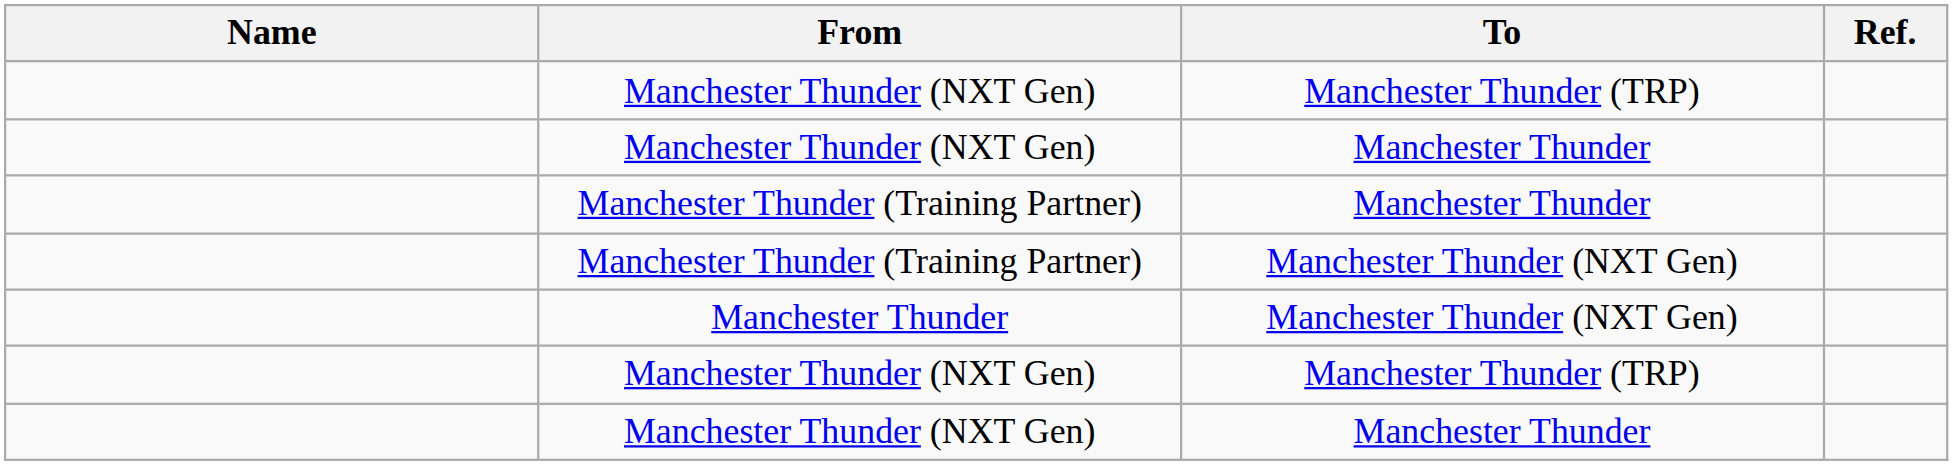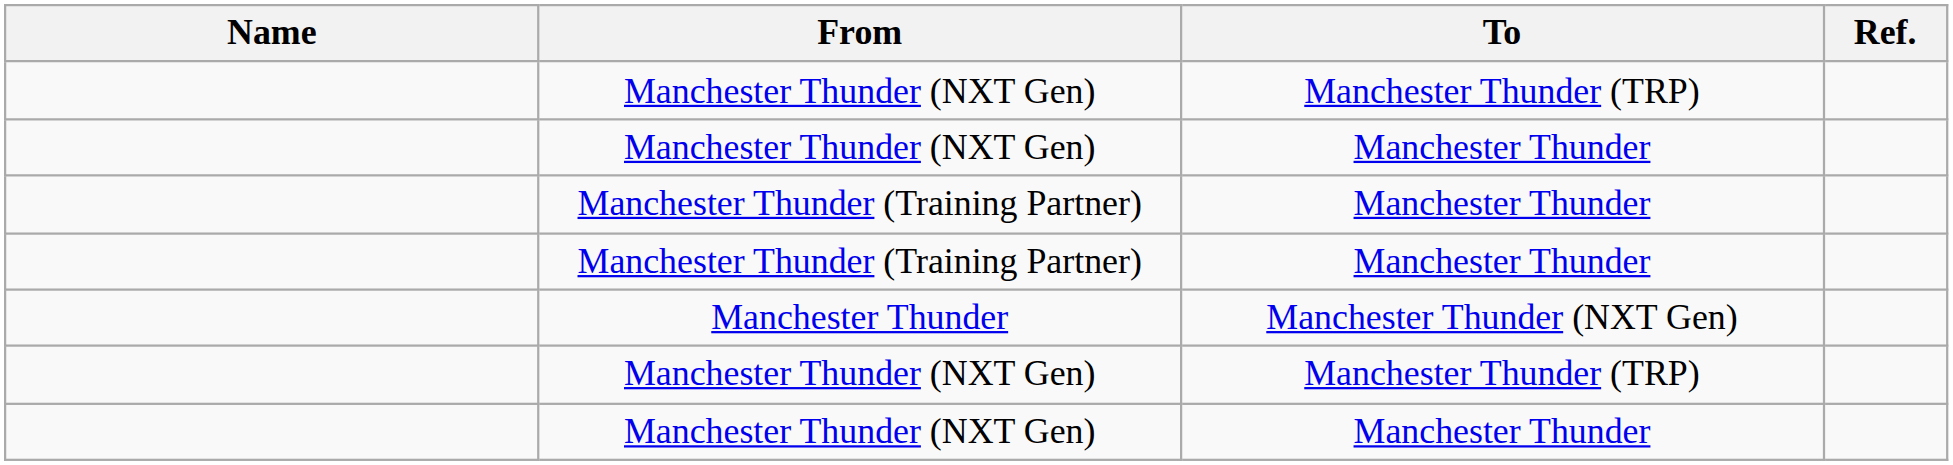 <table class="wikitable sortable alternance" style="text-align:center">
 <tr>
 <th style="width:250px;">Name</th>
 <th style="width:300px;">From</th>
 <th style="width:300px;">To</th>
 <th style="width:50px;">Ref.</th>
 </tr>
 <tr>
 <td> </td>
 <td> <a href='#'>Manchester Thunder</a> (NXT Gen)</td>
 <td> <a href='#'>Manchester Thunder</a> (TRP)</td>
 <td></td>
 </tr>
 <tr>
 <td> </td>
 <td> <a href='#'>Manchester Thunder</a> (NXT Gen)</td>
 <td> <a href='#'>Manchester Thunder</a></td>
 <td></td>
 </tr>
 <tr>
 <td> </td>
 <td> <a href='#'>Manchester Thunder</a> (Training Partner)</td>
 <td> <a href='#'>Manchester Thunder</a></td>
 <td></td>
 </tr>
 <tr>
 <td> </td>
 <td> <a href='#'>Manchester Thunder</a> (Training Partner)</td>
-<td> <a href='#'>Manchester Thunder</a> (NXT Gen)</td>
+<td> <a href='#'>Manchester Thunder</a></td>
 <td></td>
 </tr>
 <tr>
 <td> </td>
 <td> <a href='#'>Manchester Thunder</a></td>
 <td> <a href='#'>Manchester Thunder</a> (NXT Gen)</td>
 <td></td>
 </tr>
 <tr>
 <td> </td>
 <td> <a href='#'>Manchester Thunder</a> (NXT Gen)</td>
 <td> <a href='#'>Manchester Thunder</a> (TRP)</td>
 <td></td>
 </tr>
 <tr>
 <td> </td>
 <td> <a href='#'>Manchester Thunder</a> (NXT Gen)</td>
 <td> <a href='#'>Manchester Thunder</a></td>
 <td></td>
 </tr>
 </table>
